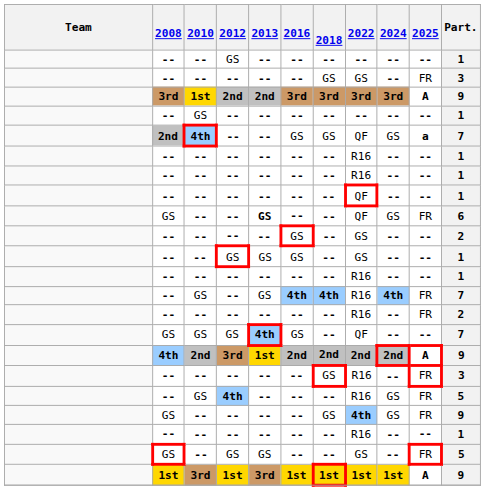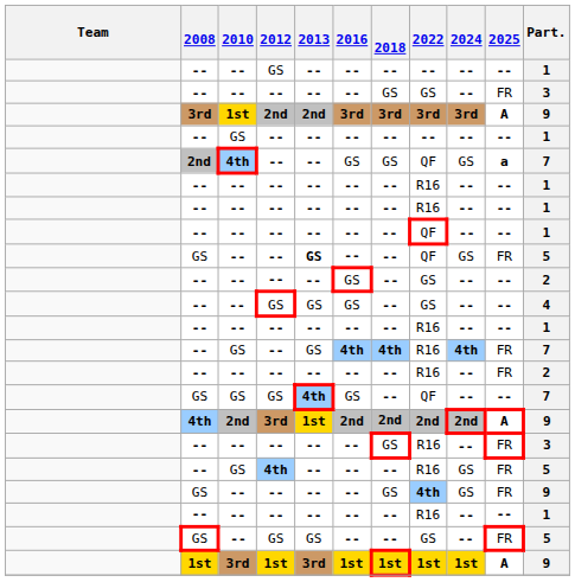 <table class="wikitable" style="text-align:center; font-size:90%">
 <tr>
 <th width=150>Team</th>
 <th><br><a href='#'>2008</a></th>
 <th><br><a href='#'>2010</a></th>
 <th><br><a href='#'>2012</a></th>
 <th><br><a href='#'>2013</a></th>
 <th><br><a href='#'>2016</a></th>
 <th><br><br><a href='#'>2018</a></th>
 <th><br><a href='#'>2022</a></th>
 <th><br><a href='#'>2024</a></th>
 <th><br> <a href='#'>2025</a></th>
 <th>Part.</th>
 </tr>
 <tr>
 <td align=left></td>
 <td bgcolor=#ffffff><strong>--</strong></td>
 <td bgcolor=#ffffff><strong>--</strong></td>
 <td bgcolor=#ffffff>GS</td>
 <td bgcolor=#ffffff><strong>--</strong></td>
 <td bgcolor=#ffffff><strong>--</strong></td>
 <td bgcolor=#ffffff><strong>--</strong></td>
 <td bgcolor=#ffffff><strong>--</strong></td>
 <td bgcolor=#ffffff><strong>--</strong></td>
 <td bgcolor=#ffffff><strong>--</strong></td>
 <th>1</th>
 </tr>
 <tr>
 <td align=left></td>
 <td bgcolor=#ffffff><strong>--</strong></td>
 <td bgcolor=#ffffff><strong>--</strong></td>
 <td bgcolor=#ffffff><strong>--</strong></td>
 <td bgcolor=#ffffff><strong>--</strong></td>
 <td bgcolor=#ffffff><strong>--</strong></td>
 <td bgcolor=#ffffff>GS</td>
 <td bgcolor=#ffffff>GS</td>
 <td bgcolor=#ffffff><strong>--</strong></td>
 <td bgcolor=#ffffff>FR</td>
 <th>3</th>
 </tr>
 <tr>
 <td align=left></td>
 <td bgcolor=#cc9966><strong>3rd</strong></td>
 <td bgcolor=gold><strong>1st</strong></td>
 <td bgcolor=silver><strong>2nd</strong></td>
 <td bgcolor=silver><strong>2nd</strong></td>
 <td bgcolor=#cc9966><strong>3rd</strong></td>
 <td bgcolor=#cc9966><strong>3rd</strong></td>
 <td bgcolor=#cc9966><strong>3rd</strong></td>
 <td bgcolor=#cc9966><strong>3rd</strong></td>
 <td bgcolor=#ffffff><strong>A</strong></td>
 <th>9</th>
 </tr>
 <tr>
 <td align=left></td>
 <td bgcolor=#ffffff><strong>--</strong></td>
 <td bgcolor=#ffffff>GS</td>
 <td bgcolor=#ffffff><strong>--</strong></td>
 <td bgcolor=#ffffff><strong>--</strong></td>
 <td bgcolor=#ffffff><strong>--</strong></td>
 <td bgcolor=#ffffff><strong>--</strong></td>
 <td bgcolor=#ffffff><strong>--</strong></td>
 <td bgcolor=#ffffff><strong>--</strong></td>
 <td bgcolor=#ffffff><strong>--</strong></td>
 <th>1</th>
 </tr>
 <tr>
 <td align=left></td>
 <td bgcolor=silver><strong>2nd</strong></td>
 <td style="border: 3px solid red" bgcolor=#9acdff><strong>4th</strong></td>
 <td bgcolor=#ffffff><strong>--</strong></td>
 <td bgcolor=#ffffff><strong>--</strong></td>
 <td bgcolor=#ffffff>GS</td>
 <td bgcolor=#ffffff>GS</td>
 <td bgcolor=#ffffff>QF</td>
 <td bgcolor=#ffffff>GS</td>
 <td bgcolor=#ffffff><strong>a</strong></td>
 <th>7</th>
 </tr>
 <tr>
 <td align=left></td>
 <td bgcolor=#ffffff><strong>--</strong></td>
 <td bgcolor=#ffffff><strong>--</strong></td>
 <td bgcolor=#ffffff><strong>--</strong></td>
 <td bgcolor=#ffffff><strong>--</strong></td>
 <td bgcolor=#ffffff><strong>--</strong></td>
 <td bgcolor=#ffffff><strong>--</strong></td>
 <td bgcolor=#ffffff>R16</td>
 <td bgcolor=#ffffff><strong>--</strong></td>
 <td bgcolor=#ffffff><strong>--</strong></td>
 <th>1</th>
 </tr>
 <tr>
 <td align=left></td>
 <td bgcolor=#ffffff><strong>--</strong></td>
 <td bgcolor=#ffffff><strong>--</strong></td>
 <td bgcolor=#ffffff><strong>--</strong></td>
 <td bgcolor=#ffffff><strong>--</strong></td>
 <td bgcolor=#ffffff><strong>--</strong></td>
 <td bgcolor=#ffffff><strong>--</strong></td>
 <td bgcolor=#ffffff>R16</td>
 <td bgcolor=#ffffff><strong>--</strong></td>
 <td bgcolor=#ffffff><strong>--</strong></td>
 <th>1</th>
 </tr>
 <tr>
 <td align=left></td>
 <td bgcolor=#ffffff><strong>--</strong></td>
 <td bgcolor=#ffffff><strong>--</strong></td>
 <td bgcolor=#ffffff><strong>--</strong></td>
 <td bgcolor=#ffffff><strong>--</strong></td>
 <td bgcolor=#ffffff><strong>--</strong></td>
 <td bgcolor=#ffffff><strong>--</strong></td>
 <td style="border: 3px solid red" bgcolor=#ffffff>QF</td>
 <td bgcolor=#ffffff><strong>--</strong></td>
 <td bgcolor=#ffffff><strong>--</strong></td>
 <th>1</th>
 </tr>
 <tr>
 <td align=left></td>
 <td bgcolor=#ffffff>GS</td>
 <td bgcolor=#ffffff><strong>--</strong></td>
 <td bgcolor=#ffffff><strong>--</strong></td>
 <td bgcolor=#ffffff><strong>GS</strong></td>
 <td bgcolor=#ffffff><strong>--</strong></td>
 <td bgcolor=#ffffff><strong>--</strong></td>
 <td bgcolor=#ffffff>QF</td>
 <td bgcolor=#ffffff>GS</td>
 <td bgcolor=#ffffff>FR</td>
-<th>6</th>
+<th>5</th>
 </tr>
 <tr>
 <td align=left></td>
 <td bgcolor=#ffffff><strong>--</strong></td>
 <td bgcolor=#ffffff><strong>--</strong></td>
 <td bgcolor=#ffffff><strong>--</strong></td>
 <td bgcolor=#ffffff><strong>--</strong></td>
 <td style="border: 3px solid red" bgcolor=#ffffff>GS</td>
 <td bgcolor=#ffffff><strong>--</strong></td>
 <td bgcolor=#ffffff>GS</td>
 <td bgcolor=#ffffff><strong>--</strong></td>
 <td bgcolor=#ffffff><strong>--</strong></td>
 <th>2</th>
 </tr>
 <tr>
 <td align=left></td>
 <td bgcolor=#ffffff><strong>--</strong></td>
 <td bgcolor=#ffffff><strong>--</strong></td>
 <td style="border: 3px solid red" bgcolor=#ffffff>GS</td>
 <td bgcolor=#ffffff>GS</td>
 <td bgcolor=#ffffff>GS</td>
 <td bgcolor=#ffffff><strong>--</strong></td>
 <td bgcolor=#ffffff>GS</td>
 <td bgcolor=#ffffff><strong>--</strong></td>
 <td bgcolor=#ffffff><strong>--</strong></td>
-<th>1</th>
+<th>4</th>
 </tr>
 <tr>
 <td align=left></td>
 <td bgcolor=#ffffff><strong>--</strong></td>
 <td bgcolor=#ffffff><strong>--</strong></td>
 <td bgcolor=#ffffff><strong>--</strong></td>
 <td bgcolor=#ffffff><strong>--</strong></td>
 <td bgcolor=#ffffff><strong>--</strong></td>
 <td bgcolor=#ffffff><strong>--</strong></td>
 <td bgcolor=#ffffff>R16</td>
 <td bgcolor=#ffffff><strong>--</strong></td>
 <td bgcolor=#ffffff><strong>--</strong></td>
 <th>1</th>
 </tr>
 <tr>
 <td align=left></td>
 <td bgcolor=#ffffff><strong>--</strong></td>
 <td bgcolor=#ffffff>GS</td>
 <td bgcolor=#ffffff><strong>--</strong></td>
 <td bgcolor=#ffffff>GS</td>
 <td bgcolor=#9acdff><strong>4th</strong></td>
 <td bgcolor=#9acdff><strong>4th</strong></td>
 <td bgcolor=#ffffff>R16</td>
 <td bgcolor=#9acdff><strong>4th</strong></td>
 <td bgcolor=#ffffff>FR</td>
 <th>7</th>
 </tr>
 <tr>
 <td align=left></td>
 <td bgcolor=#ffffff><strong>--</strong></td>
 <td bgcolor=#ffffff><strong>--</strong></td>
 <td bgcolor=#ffffff><strong>--</strong></td>
 <td bgcolor=#ffffff><strong>--</strong></td>
 <td bgcolor=#ffffff><strong>--</strong></td>
 <td bgcolor=#ffffff><strong>--</strong></td>
 <td bgcolor=#ffffff>R16</td>
 <td bgcolor=#ffffff><strong>--</strong></td>
 <td bgcolor=#ffffff>FR</td>
 <th>2</th>
 </tr>
 <tr>
 <td align=left></td>
 <td bgcolor=#ffffff>GS</td>
 <td bgcolor=#ffffff>GS</td>
 <td bgcolor=#ffffff>GS</td>
 <td style="border: 3px solid red" bgcolor=#9acdff><strong>4th</strong></td>
 <td bgcolor=#ffffff>GS</td>
 <td bgcolor=#ffffff><strong>--</strong></td>
 <td bgcolor=#ffffff>QF</td>
 <td bgcolor=#ffffff><strong>--</strong></td>
 <td bgcolor=#ffffff><strong>--</strong></td>
 <th>7</th>
 </tr>
 <tr>
 <td align=left></td>
 <td bgcolor=#9acdff><strong>4th</strong></td>
 <td bgcolor=silver><strong>2nd</strong></td>
 <td bgcolor=#cc9966><strong>3rd</strong></td>
 <td bgcolor=gold><strong>1st</strong></td>
 <td bgcolor=silver><strong>2nd</strong></td>
 <td bgcolor=silver><strong>2nd</strong></td>
 <td bgcolor=silver><strong>2nd</strong></td>
 <td style="border: 3px solid red" bgcolor=silver><strong>2nd</strong></td>
 <td style="border: 3px solid red" bgcolor=#ffffff><strong>A</strong></td>
 <th>9</th>
 </tr>
 <tr>
 <td align=left></td>
 <td bgcolor=#ffffff><strong>--</strong></td>
 <td bgcolor=#ffffff><strong>--</strong></td>
 <td bgcolor=#ffffff><strong>--</strong></td>
 <td bgcolor=#ffffff><strong>--</strong></td>
 <td bgcolor=#ffffff><strong>--</strong></td>
 <td style="border: 3px solid red" bgcolor=#ffffff>GS</td>
 <td bgcolor=#ffffff>R16</td>
 <td bgcolor=#ffffff><strong>--</strong></td>
 <td style="border: 3px solid red" bgcolor=#ffffff>FR</td>
 <th>3</th>
 </tr>
 <tr>
 <td align=left></td>
 <td bgcolor=#ffffff><strong>--</strong></td>
 <td bgcolor=#ffffff>GS</td>
 <td bgcolor=#9acdff><strong>4th</strong></td>
 <td bgcolor=#ffffff><strong>--</strong></td>
 <td bgcolor=#ffffff><strong>--</strong></td>
 <td bgcolor=#ffffff><strong>--</strong></td>
 <td bgcolor=#ffffff>R16</td>
 <td bgcolor=#ffffff>GS</td>
 <td bgcolor=#ffffff>FR</td>
 <th>5</th>
 </tr>
 <tr>
 <td align=left></td>
 <td bgcolor=#ffffff>GS</td>
 <td bgcolor=#ffffff><strong>--</strong></td>
 <td bgcolor=#ffffff><strong>--</strong></td>
 <td bgcolor=#ffffff><strong>--</strong></td>
 <td bgcolor=#ffffff><strong>--</strong></td>
 <td bgcolor=#ffffff>GS</td>
 <td bgcolor=#9acdff><strong>4th</strong></td>
 <td bgcolor=#ffffff>GS</td>
 <td bgcolor=#ffffff>FR</td>
 <th>9</th>
 </tr>
 <tr>
 <td align=left></td>
 <td bgcolor=#ffffff><strong>--</strong></td>
 <td bgcolor=#ffffff><strong>--</strong></td>
 <td bgcolor=#ffffff><strong>--</strong></td>
 <td bgcolor=#ffffff><strong>--</strong></td>
 <td bgcolor=#ffffff><strong>--</strong></td>
 <td bgcolor=#ffffff><strong>--</strong></td>
 <td bgcolor=#ffffff>R16</td>
 <td bgcolor=#ffffff><strong>--</strong></td>
 <td bgcolor=#ffffff><strong>--</strong></td>
 <th>1</th>
 </tr>
 <tr>
 <td align=left></td>
 <td style="border: 3px solid red" bgcolor=#ffffff>GS</td>
 <td bgcolor=#ffffff><strong>--</strong></td>
 <td bgcolor=#ffffff>GS</td>
 <td bgcolor=#ffffff>GS</td>
 <td bgcolor=#ffffff><strong>--</strong></td>
 <td bgcolor=#ffffff><strong>--</strong></td>
 <td bgcolor=#ffffff>GS</td>
 <td bgcolor=#ffffff><strong>--</strong></td>
 <td style="border: 3px solid red" bgcolor=#ffffff>FR</td>
 <th>5</th>
 </tr>
 <tr>
 <td align=left></td>
 <td bgcolor=gold><strong>1st</strong></td>
 <td bgcolor=#cc9966><strong>3rd</strong></td>
 <td bgcolor=gold><strong>1st</strong></td>
 <td bgcolor=#cc9966><strong>3rd</strong></td>
 <td bgcolor=gold><strong>1st</strong></td>
 <td style="border: 3px solid red" bgcolor=Gold><strong>1st</strong></td>
 <td bgcolor=gold><strong>1st</strong></td>
 <td bgcolor=gold><strong>1st</strong></td>
 <td bgcolor=#ffffff><strong>A</strong></td>
 <th>9</th>
 </tr>
 <tr>
 </tr>
 </table>
